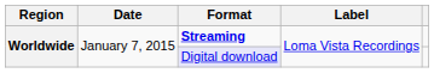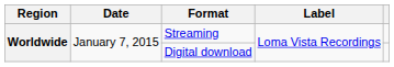 <table class="wikitable plainrowheaders">
 <tr>
 <th scope="col">Region</th>
 <th scope="col">Date</th>
 <th scope="col">Format</th>
 <th scope="col">Label</th>
 <th scope="col"></th>
 </tr>
 <tr>
 <th scope="row" rowspan="2">Worldwide</th>
 <td rowspan="2">January 7, 2015</td>
-<td><strong><a href='#'>Streaming</a></strong></td>
+<td><a href='#'>Streaming</a></td>
 <td rowspan="2"><a href='#'>Loma Vista Recordings</a></td>
 <td align="center"></td>
 </tr>
 <tr>
-<td style="background: lavender;"><a href='#'>Digital download</a></td>
+<td><a href='#'>Digital download</a></td>
 <td rowspan="2" align="center"></td>
 </tr>
 </table>
